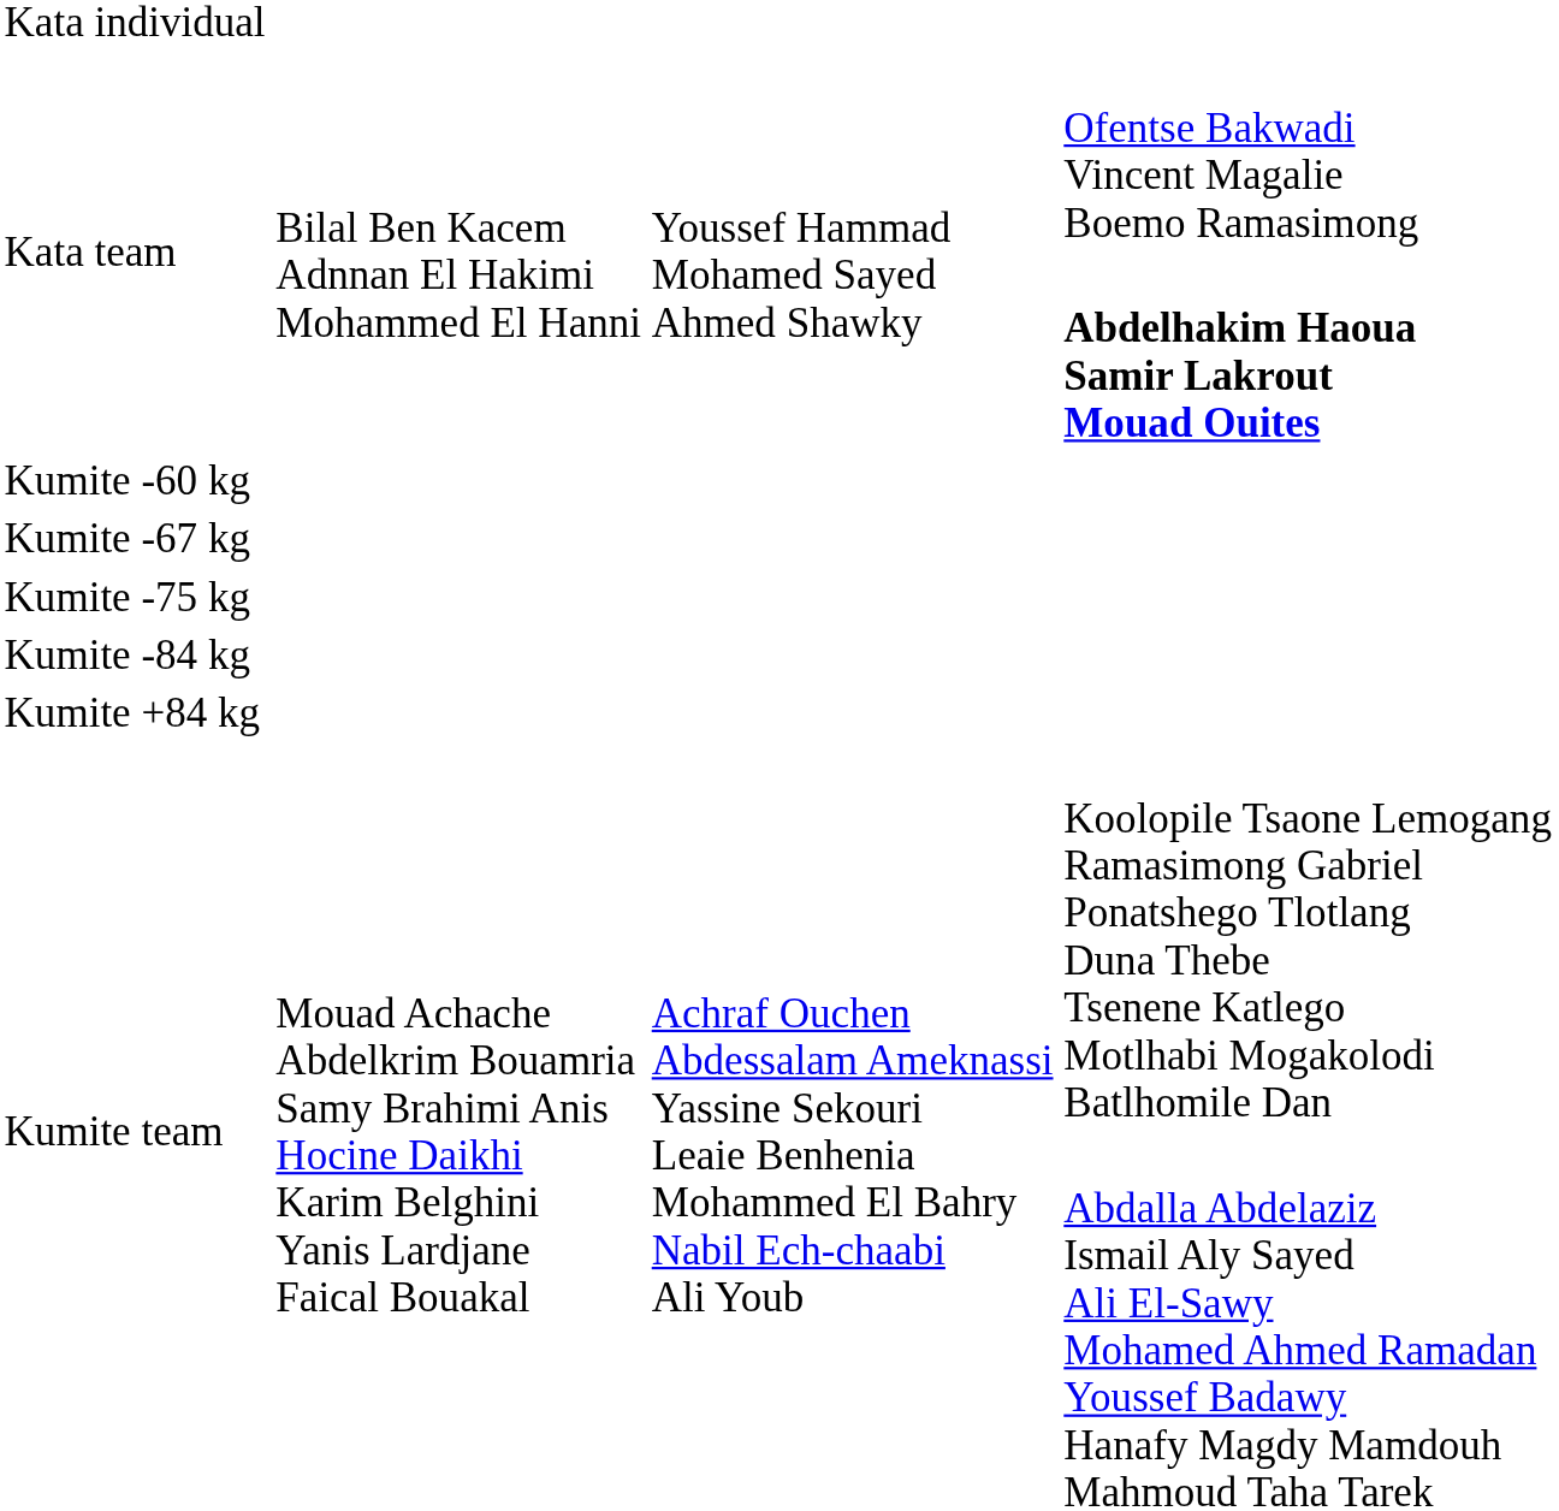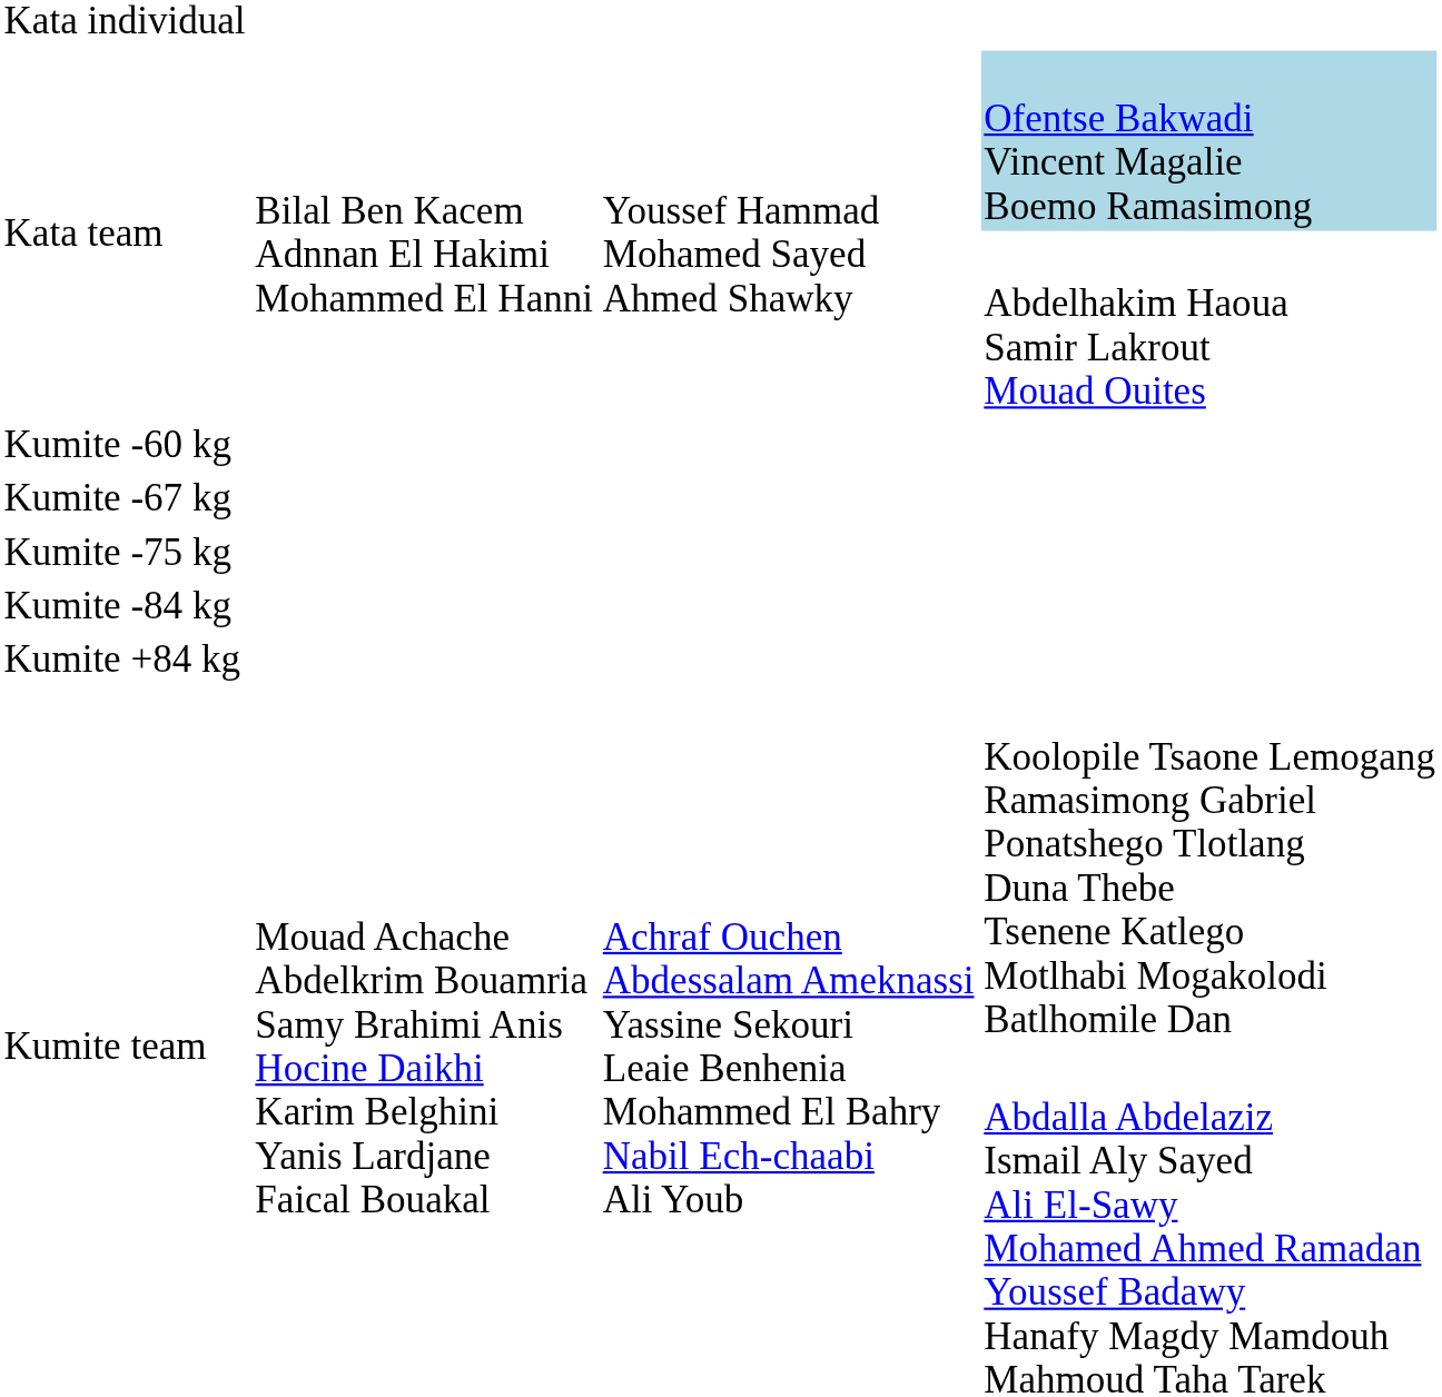 <table>
 <tr>
 <td rowspan=2>Kata individual</td>
 <td rowspan=2></td>
 <td rowspan=2></td>
 <td></td>
 </tr>
 <tr>
 <td></td>
 </tr>
 <tr>
 <td rowspan=2>Kata team</td>
 <td rowspan=2><br>Bilal Ben Kacem<br>Adnnan El Hakimi<br>Mohammed El Hanni</td>
 <td rowspan=2><br>Youssef Hammad<br>Mohamed Sayed<br>Ahmed Shawky</td>
-<td><br><a href='#'>Ofentse Bakwadi</a><br>Vincent Magalie<br>Boemo Ramasimong</td>
+<td style="background: lightblue;"><br><a href='#'>Ofentse Bakwadi</a><br>Vincent Magalie<br>Boemo Ramasimong</td>
 </tr>
 <tr>
-<td><strong><br>Abdelhakim Haoua<br>Samir Lakrout<br><a href='#'>Mouad Ouites</a></strong></td>
+<td><br>Abdelhakim Haoua<br>Samir Lakrout<br><a href='#'>Mouad Ouites</a></td>
 </tr>
 <tr>
 <td rowspan=2>Kumite -60 kg</td>
 <td rowspan=2></td>
 <td rowspan=2></td>
 <td></td>
 </tr>
 <tr>
 <td></td>
 </tr>
 <tr>
 <td rowspan=2>Kumite -67 kg</td>
 <td rowspan=2></td>
 <td rowspan=2></td>
 <td></td>
 </tr>
 <tr>
 <td></td>
 </tr>
 <tr>
 <td rowspan=2>Kumite -75 kg</td>
 <td rowspan=2></td>
 <td rowspan=2></td>
 <td></td>
 </tr>
 <tr>
 <td></td>
 </tr>
 <tr>
 <td rowspan=2>Kumite -84 kg</td>
 <td rowspan=2></td>
 <td rowspan=2></td>
 <td></td>
 </tr>
 <tr>
 <td></td>
 </tr>
 <tr>
 <td rowspan=2>Kumite +84 kg</td>
 <td rowspan=2></td>
 <td rowspan=2></td>
 <td></td>
 </tr>
 <tr>
 <td></td>
 </tr>
 <tr>
 <td rowspan=2>Kumite team</td>
 <td rowspan=2><br>Mouad Achache<br>Abdelkrim Bouamria<br>Samy Brahimi Anis<br><a href='#'>Hocine Daikhi</a><br>Karim Belghini<br>Yanis Lardjane<br>Faical Bouakal</td>
 <td rowspan=2><br><a href='#'>Achraf Ouchen</a><br><a href='#'>Abdessalam Ameknassi</a><br>Yassine Sekouri<br>Leaie Benhenia<br>Mohammed El Bahry<br><a href='#'>Nabil Ech-chaabi</a><br>Ali Youb</td>
 <td><br>Koolopile Tsaone Lemogang<br>Ramasimong Gabriel<br>Ponatshego Tlotlang<br>Duna Thebe<br>Tsenene Katlego<br>Motlhabi Mogakolodi<br>Batlhomile Dan</td>
 </tr>
 <tr>
 <td><br><a href='#'>Abdalla Abdelaziz</a><br>Ismail Aly Sayed<br><a href='#'>Ali El-Sawy</a><br><a href='#'>Mohamed Ahmed Ramadan</a><br><a href='#'>Youssef Badawy</a><br>Hanafy Magdy Mamdouh<br>Mahmoud Taha Tarek</td>
 </tr>
 </table>
